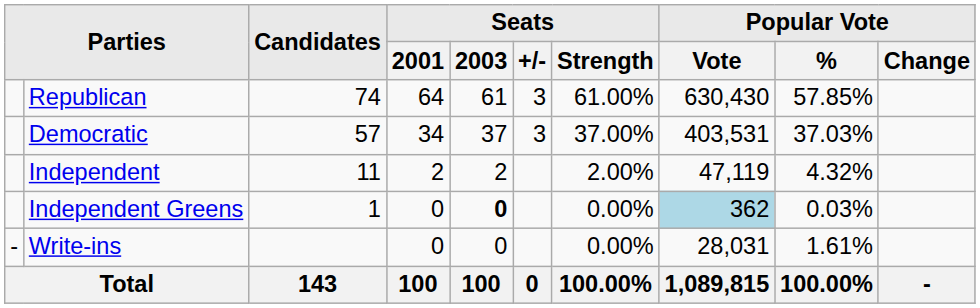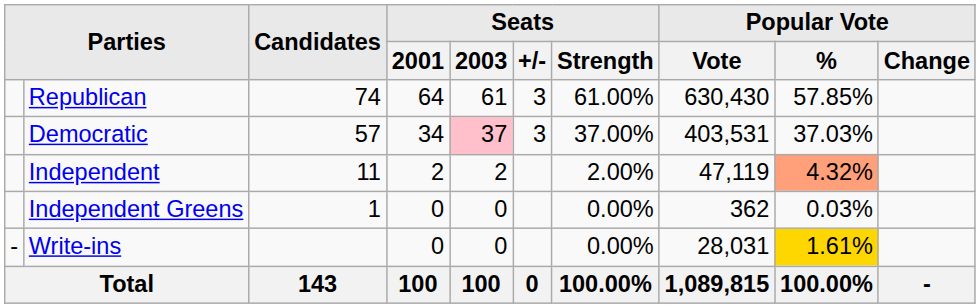 <table class="wikitable">
 <tr>
 <th colspan="2" rowspan="2" align="center" style="background-color:#E9E9E9">Parties</th>
 <th rowspan="2" align="center" style="background-color:#E9E9E9">Candidates</th>
 <th colspan="4" align="center" style="background-color:#E9E9E9">Seats</th>
 <th colspan="3" align="center" style="background-color:#E9E9E9">Popular Vote</th>
 </tr>
 <tr>
 <th align="center">2001</th>
 <th align="center">2003</th>
 <th align="center">+/-</th>
 <th align="center">Strength</th>
 <th align="center">Vote</th>
 <th align="center">%</th>
 <th align="center">Change</th>
 </tr>
 <tr>
 <td></td>
 <td align="left"><a href='#'>Republican</a></td>
 <td align="right">74</td>
 <td align="right" >64</td>
 <td align="right" >61</td>
 <td align="right"> 3</td>
 <td align="right" >61.00%</td>
 <td align="right" >630,430</td>
 <td align="right" >57.85%</td>
 <td align="right"></td>
 </tr>
 <tr>
 <td></td>
 <td align="left"><a href='#'>Democratic</a></td>
 <td align="right">57</td>
 <td align="right">34</td>
-<td align="right">37</td>
+<td align="right" style="background: pink;">37</td>
 <td align="right"> 3</td>
 <td align="right">37.00%</td>
 <td align="right">403,531</td>
 <td align="right">37.03%</td>
 <td align="right"></td>
 </tr>
 <tr>
 <td></td>
 <td><a href='#'>Independent</a></td>
 <td align="right">11</td>
 <td align="right">2</td>
 <td align="right">2</td>
 <td align="right"></td>
 <td align="right">2.00%</td>
 <td align="right">47,119</td>
-<td align="right">4.32%</td>
+<td align="right" style="background: lightsalmon;">4.32%</td>
 <td align="right"></td>
 </tr>
 <tr>
 <td></td>
 <td><a href='#'>Independent Greens</a></td>
 <td align="right">1</td>
 <td align="right">0</td>
-<td align="right"><strong>0</strong></td>
+<td align="right">0</td>
 <td align="right"></td>
 <td align="right">0.00%</td>
-<td align="right" style="background: lightblue;">362</td>
+<td align="right">362</td>
 <td align="right">0.03%</td>
 <td align="right"></td>
 </tr>
 <tr>
 <td>-</td>
 <td><a href='#'>Write-ins</a></td>
 <td align="right"></td>
 <td align="right">0</td>
 <td align="right">0</td>
 <td align="right"></td>
 <td align="right">0.00%</td>
 <td align="right">28,031</td>
-<td align="right">1.61%</td>
+<td align="right" style="background: gold;">1.61%</td>
 <td align="right"></td>
 </tr>
 <tr>
 <th colspan="2" align="center">Total</th>
 <th align="center">143</th>
 <th align="center">100</th>
 <th align="center">100</th>
 <th align="center">0</th>
 <th align="center">100.00%</th>
 <th align="center">1,089,815</th>
 <th align="center">100.00%</th>
 <th align="center">-</th>
 </tr>
 </table>
